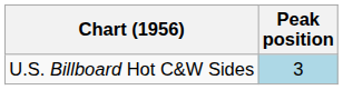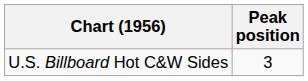 <table class="wikitable sortable">
 <tr>
 <th>Chart (1956)</th>
 <th>Peak<br>position</th>
 </tr>
 <tr>
 <td>U.S. <em>Billboard</em> Hot C&W Sides</td>
-<td align="center" style="background: lightblue;">3</td>
+<td align="center">3</td>
 </tr>
 </table>
